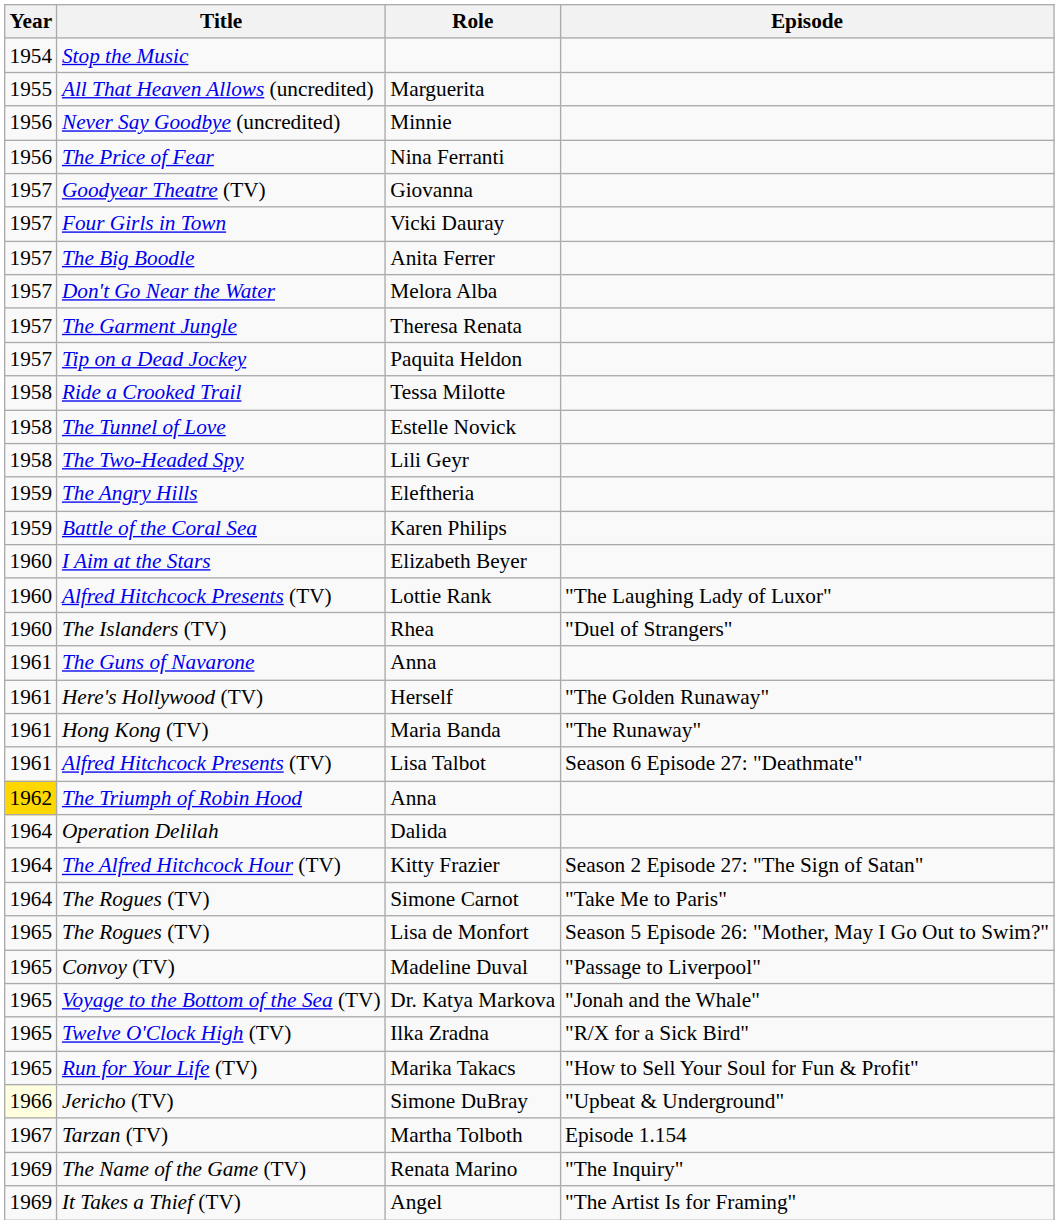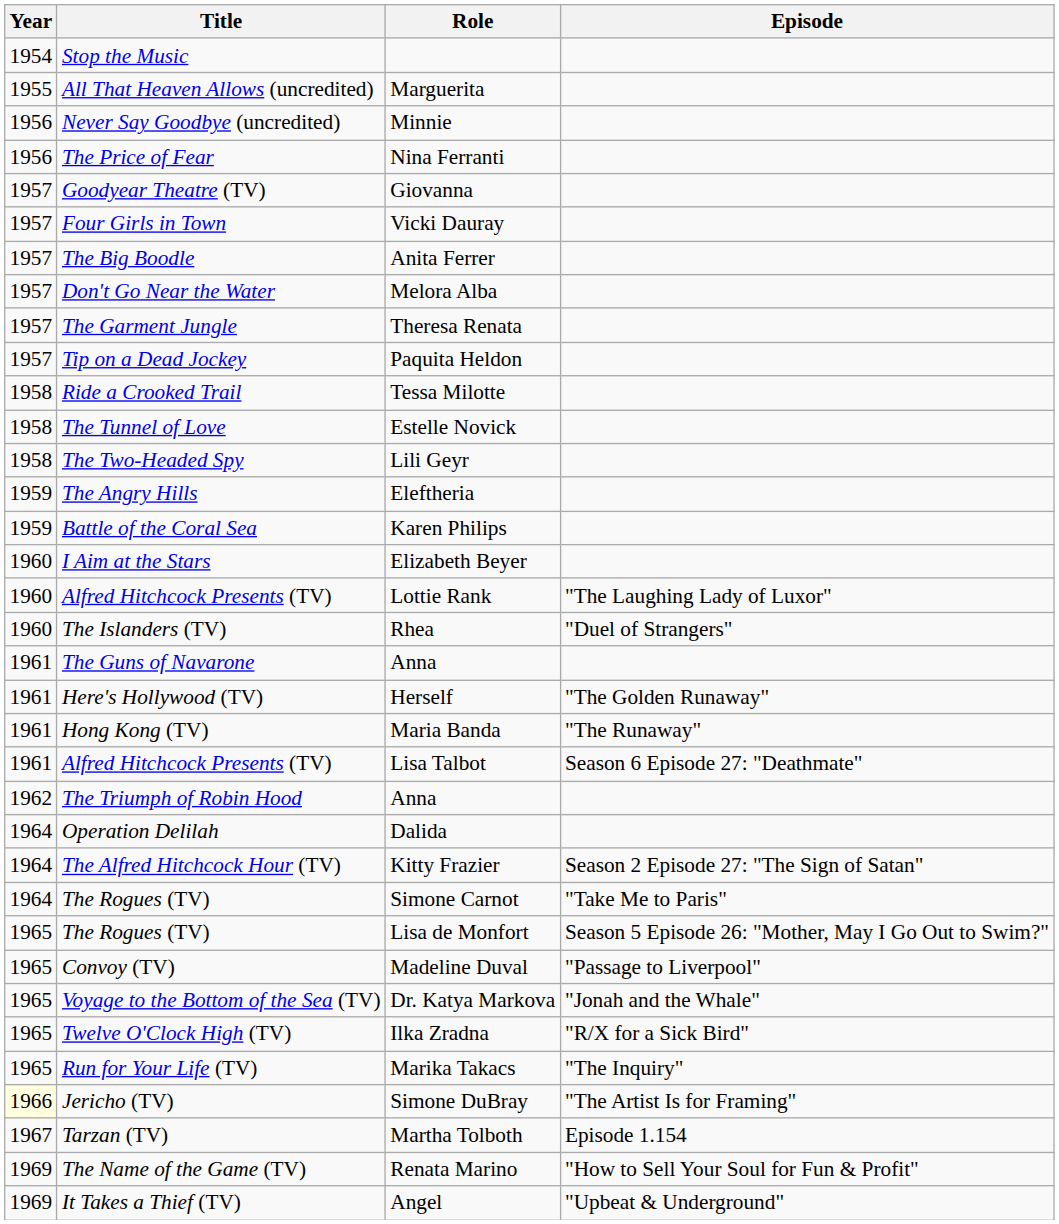 <table class="wikitable sortable">
 <tr>
 <th>Year</th>
 <th>Title</th>
 <th>Role</th>
 <th class="unsortable">Episode</th>
 </tr>
 <tr>
 <td>1954</td>
 <td><em><a href='#'>Stop the Music</a></em></td>
 <td></td>
 <td></td>
 </tr>
 <tr>
 <td>1955</td>
 <td><em><a href='#'>All That Heaven Allows</a></em> (uncredited)</td>
 <td>Marguerita</td>
 <td></td>
 </tr>
 <tr>
 <td>1956</td>
 <td><em><a href='#'>Never Say Goodbye</a></em> (uncredited)</td>
 <td>Minnie</td>
 <td></td>
 </tr>
 <tr>
 <td>1956</td>
 <td><em><a href='#'>The Price of Fear</a></em></td>
 <td>Nina Ferranti</td>
 <td></td>
 </tr>
 <tr>
 <td>1957</td>
 <td><em><a href='#'>Goodyear Theatre</a></em> (TV)</td>
 <td>Giovanna</td>
 <td></td>
 </tr>
 <tr>
 <td>1957</td>
 <td><em><a href='#'>Four Girls in Town</a></em></td>
 <td>Vicki Dauray</td>
 <td></td>
 </tr>
 <tr>
 <td>1957</td>
 <td><em><a href='#'>The Big Boodle</a></em></td>
 <td>Anita Ferrer</td>
 <td></td>
 </tr>
 <tr>
 <td>1957</td>
 <td><em><a href='#'>Don't Go Near the Water</a></em></td>
 <td>Melora Alba</td>
 <td></td>
 </tr>
 <tr>
 <td>1957</td>
 <td><em><a href='#'>The Garment Jungle</a></em></td>
 <td>Theresa Renata</td>
 <td></td>
 </tr>
 <tr>
 <td>1957</td>
 <td><em><a href='#'>Tip on a Dead Jockey</a></em></td>
 <td>Paquita Heldon</td>
 <td></td>
 </tr>
 <tr>
 <td>1958</td>
 <td><em><a href='#'>Ride a Crooked Trail</a></em></td>
 <td>Tessa Milotte</td>
 <td></td>
 </tr>
 <tr>
 <td>1958</td>
 <td><em><a href='#'>The Tunnel of Love</a></em></td>
 <td>Estelle Novick</td>
 <td></td>
 </tr>
 <tr>
 <td>1958</td>
 <td><em><a href='#'>The Two-Headed Spy</a></em></td>
 <td>Lili Geyr</td>
 <td></td>
 </tr>
 <tr>
 <td>1959</td>
 <td><em><a href='#'>The Angry Hills</a></em></td>
 <td>Eleftheria</td>
 <td></td>
 </tr>
 <tr>
 <td>1959</td>
 <td><em><a href='#'>Battle of the Coral Sea</a></em></td>
 <td>Karen Philips</td>
 <td></td>
 </tr>
 <tr>
 <td>1960</td>
 <td><em><a href='#'>I Aim at the Stars</a></em></td>
 <td>Elizabeth Beyer</td>
 <td></td>
 </tr>
 <tr>
 <td>1960</td>
 <td><em><a href='#'>Alfred Hitchcock Presents</a></em> (TV)</td>
 <td>Lottie Rank</td>
 <td>"The Laughing Lady of Luxor"</td>
 </tr>
 <tr>
 <td>1960</td>
 <td><em>The Islanders</em> (TV)</td>
 <td>Rhea</td>
 <td>"Duel of Strangers"</td>
 </tr>
 <tr>
 <td>1961</td>
 <td><em><a href='#'>The Guns of Navarone</a></em></td>
 <td>Anna</td>
 <td></td>
 </tr>
 <tr>
 <td>1961</td>
 <td><em>Here's Hollywood</em> (TV)</td>
 <td>Herself</td>
 <td>"The Golden Runaway"</td>
 </tr>
 <tr>
 <td>1961</td>
 <td><em>Hong Kong</em> (TV)</td>
 <td>Maria Banda</td>
 <td>"The Runaway"</td>
 </tr>
 <tr>
 <td>1961</td>
 <td><em><a href='#'>Alfred Hitchcock Presents</a></em> (TV)</td>
 <td>Lisa Talbot</td>
 <td>Season 6 Episode 27: "Deathmate"</td>
 </tr>
 <tr>
-<td style="background: gold;">1962</td>
+<td>1962</td>
 <td><em><a href='#'>The Triumph of Robin Hood</a></em></td>
 <td>Anna</td>
 <td></td>
 </tr>
 <tr>
 <td>1964</td>
 <td><em>Operation Delilah</em></td>
 <td>Dalida</td>
 <td></td>
 </tr>
 <tr>
 <td>1964</td>
 <td><em><a href='#'>The Alfred Hitchcock Hour</a></em> (TV)</td>
 <td>Kitty Frazier</td>
 <td>Season 2 Episode 27: "The Sign of Satan"</td>
 </tr>
 <tr>
 <td>1964</td>
 <td><em>The Rogues</em> (TV)</td>
 <td>Simone Carnot</td>
 <td>"Take Me to Paris"</td>
 </tr>
 <tr>
 <td>1965</td>
 <td><em>The Rogues</em> (TV)</td>
 <td>Lisa de Monfort</td>
 <td>Season 5 Episode 26: "Mother, May I Go Out to Swim?"</td>
 </tr>
 <tr>
 <td>1965</td>
 <td><em>Convoy</em> (TV)</td>
 <td>Madeline Duval</td>
 <td>"Passage to Liverpool"</td>
 </tr>
 <tr>
 <td>1965</td>
 <td><em><a href='#'>Voyage to the Bottom of the Sea</a></em> (TV)</td>
 <td>Dr. Katya Markova</td>
 <td>"Jonah and the Whale"</td>
 </tr>
 <tr>
 <td>1965</td>
 <td><em><a href='#'>Twelve O'Clock High</a></em> (TV)</td>
 <td>Ilka Zradna</td>
 <td>"R/X for a Sick Bird"</td>
 </tr>
 <tr>
 <td>1965</td>
 <td><em><a href='#'>Run for Your Life</a></em> (TV)</td>
 <td>Marika Takacs</td>
-<td>"How to Sell Your Soul for Fun & Profit"</td>
+<td>"The Inquiry"</td>
 </tr>
 <tr>
 <td style="background: lightyellow;">1966</td>
 <td><em>Jericho</em> (TV)</td>
 <td>Simone DuBray</td>
-<td>"Upbeat & Underground"</td>
+<td>"The Artist Is for Framing"</td>
 </tr>
 <tr>
 <td>1967</td>
 <td><em>Tarzan</em> (TV)</td>
 <td>Martha Tolboth</td>
 <td>Episode 1.154</td>
 </tr>
 <tr>
 <td>1969</td>
 <td><em>The Name of the Game</em> (TV)</td>
 <td>Renata Marino</td>
-<td>"The Inquiry"</td>
+<td>"How to Sell Your Soul for Fun & Profit"</td>
 </tr>
 <tr>
 <td>1969</td>
 <td><em>It Takes a Thief</em> (TV)</td>
 <td>Angel</td>
-<td>"The Artist Is for Framing"</td>
+<td>"Upbeat & Underground"</td>
 </tr>
 </table>
